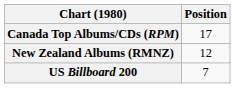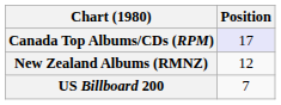 <table class="wikitable sortable plainrowheaders" style="text-align:center">
 <tr>
 <th scope="col">Chart (1980)</th>
 <th scope="col">Position</th>
 </tr>
 <tr>
 <th scope="row">Canada Top Albums/CDs (<em>RPM</em>)</th>
-<td>17</td>
+<td style="background: lavender;">17</td>
 </tr>
 <tr>
 <th scope="row">New Zealand Albums (RMNZ)</th>
 <td>12</td>
 </tr>
 <tr>
 <th scope="row">US <em>Billboard</em> 200</th>
 <td>7</td>
 </tr>
 </table>
